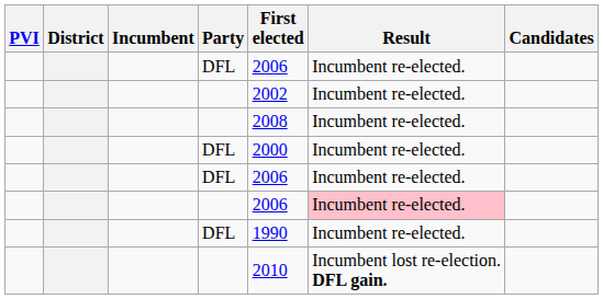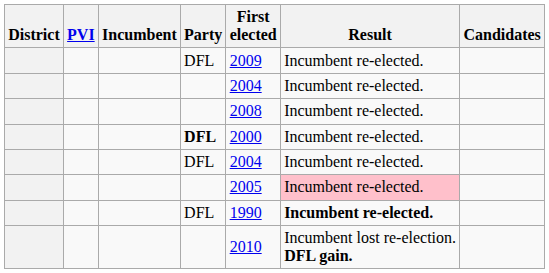 <table class="wikitable sortable">
 <tr valign=bottom>
+<th>District</th>
 <th><a href='#'>PVI</a></th>
-<th>District</th>
 <th>Incumbent</th>
 <th>Party</th>
 <th>First<br>elected</th>
 <th>Result</th>
 <th>Candidates</th>
 </tr>
 <tr>
-<td></td>
 <th></th>
 <td></td>
+<td></td>
 <td>DFL</td>
-<td><a href='#'>2006</a></td>
+<td><a href='#'>2009</a></td>
 <td>Incumbent re-elected.</td>
 <td nowrap></td>
 </tr>
 <tr>
-<td></td>
 <th></th>
 <td></td>
 <td></td>
-<td><a href='#'>2002</a></td>
+<td></td>
+<td><a href='#'>2004</a></td>
 <td>Incumbent re-elected.</td>
 <td nowrap></td>
 </tr>
 <tr>
+<th></th>
 <td></td>
-<th></th>
 <td></td>
 <td></td>
 <td><a href='#'>2008</a></td>
 <td>Incumbent re-elected.</td>
 <td nowrap></td>
 </tr>
 <tr>
-<td></td>
 <th></th>
 <td></td>
-<td>DFL</td>
+<td></td>
+<td><strong>DFL</strong></td>
 <td><a href='#'>2000</a></td>
 <td>Incumbent re-elected.</td>
 <td nowrap></td>
 </tr>
 <tr>
-<td></td>
 <th></th>
 <td></td>
+<td></td>
 <td>DFL</td>
-<td><a href='#'>2006</a></td>
+<td><a href='#'>2004</a></td>
 <td>Incumbent re-elected.</td>
 <td nowrap></td>
 </tr>
 <tr>
-<td></td>
 <th></th>
 <td></td>
 <td></td>
-<td><a href='#'>2006</a></td>
+<td></td>
+<td><a href='#'>2005</a></td>
 <td style="background: pink;">Incumbent re-elected.</td>
 <td nowrap></td>
 </tr>
 <tr>
+<th></th>
 <td></td>
-<th></th>
 <td></td>
 <td>DFL</td>
 <td><a href='#'>1990</a></td>
-<td>Incumbent re-elected.</td>
+<td><strong>Incumbent re-elected.</strong></td>
 <td nowrap></td>
 </tr>
 <tr>
+<th></th>
 <td></td>
-<th></th>
 <td></td>
 <td></td>
 <td><a href='#'>2010</a></td>
 <td>Incumbent lost re-election.<br><strong>DFL gain.</strong></td>
 <td nowrap></td>
 </tr>
 </table>
